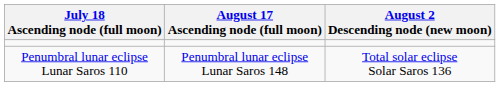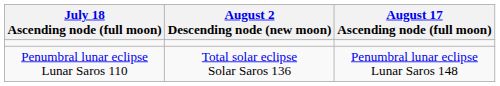 <table class="wikitable">
 <tr>
 <th><a href='#'>July 18</a><br>Ascending node (full moon)<br></th>
+<th><a href='#'>August 2</a><br>Descending node (new moon)<br></th>
 <th><a href='#'>August 17</a><br>Ascending node (full moon)<br></th>
-<th><a href='#'>August 2</a><br>Descending node (new moon)<br></th>
 </tr>
 <tr>
 <td></td>
 <td></td>
 <td></td>
 </tr>
 <tr align=center>
 <td><a href='#'>Penumbral lunar eclipse</a><br>Lunar Saros 110</td>
+<td><a href='#'>Total solar eclipse</a><br>Solar Saros 136</td>
 <td><a href='#'>Penumbral lunar eclipse</a><br>Lunar Saros 148</td>
-<td><a href='#'>Total solar eclipse</a><br>Solar Saros 136</td>
 </tr>
 </table>
